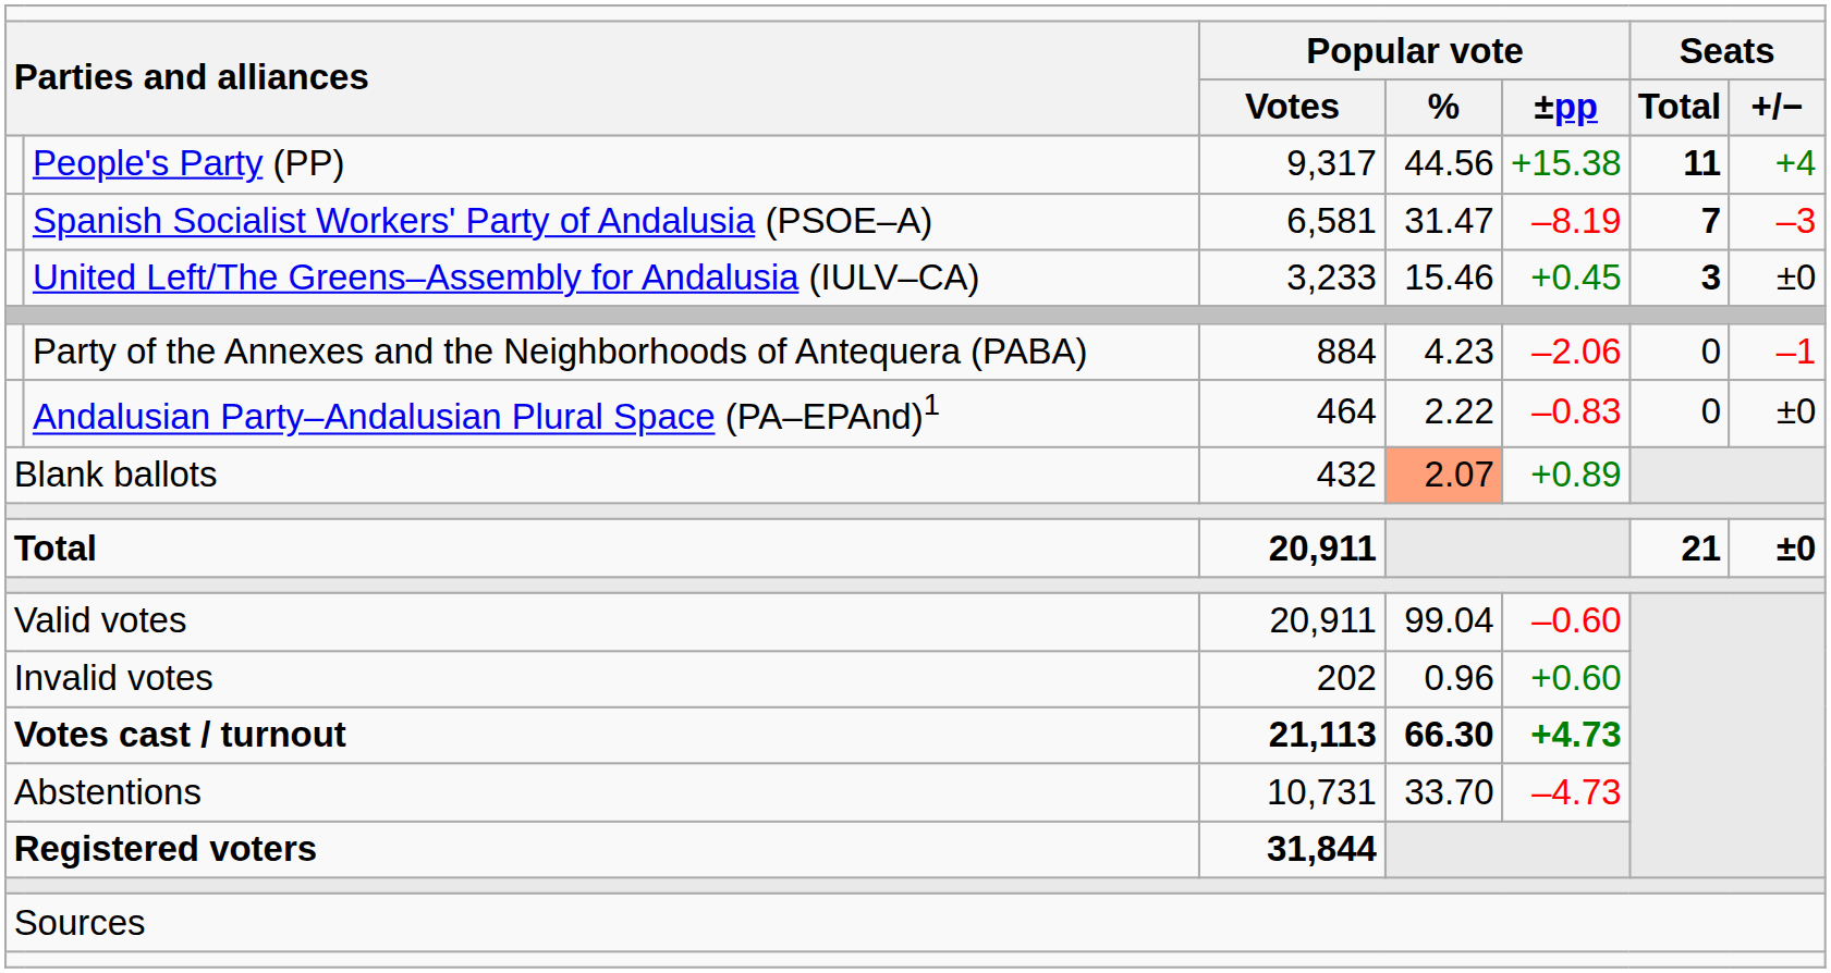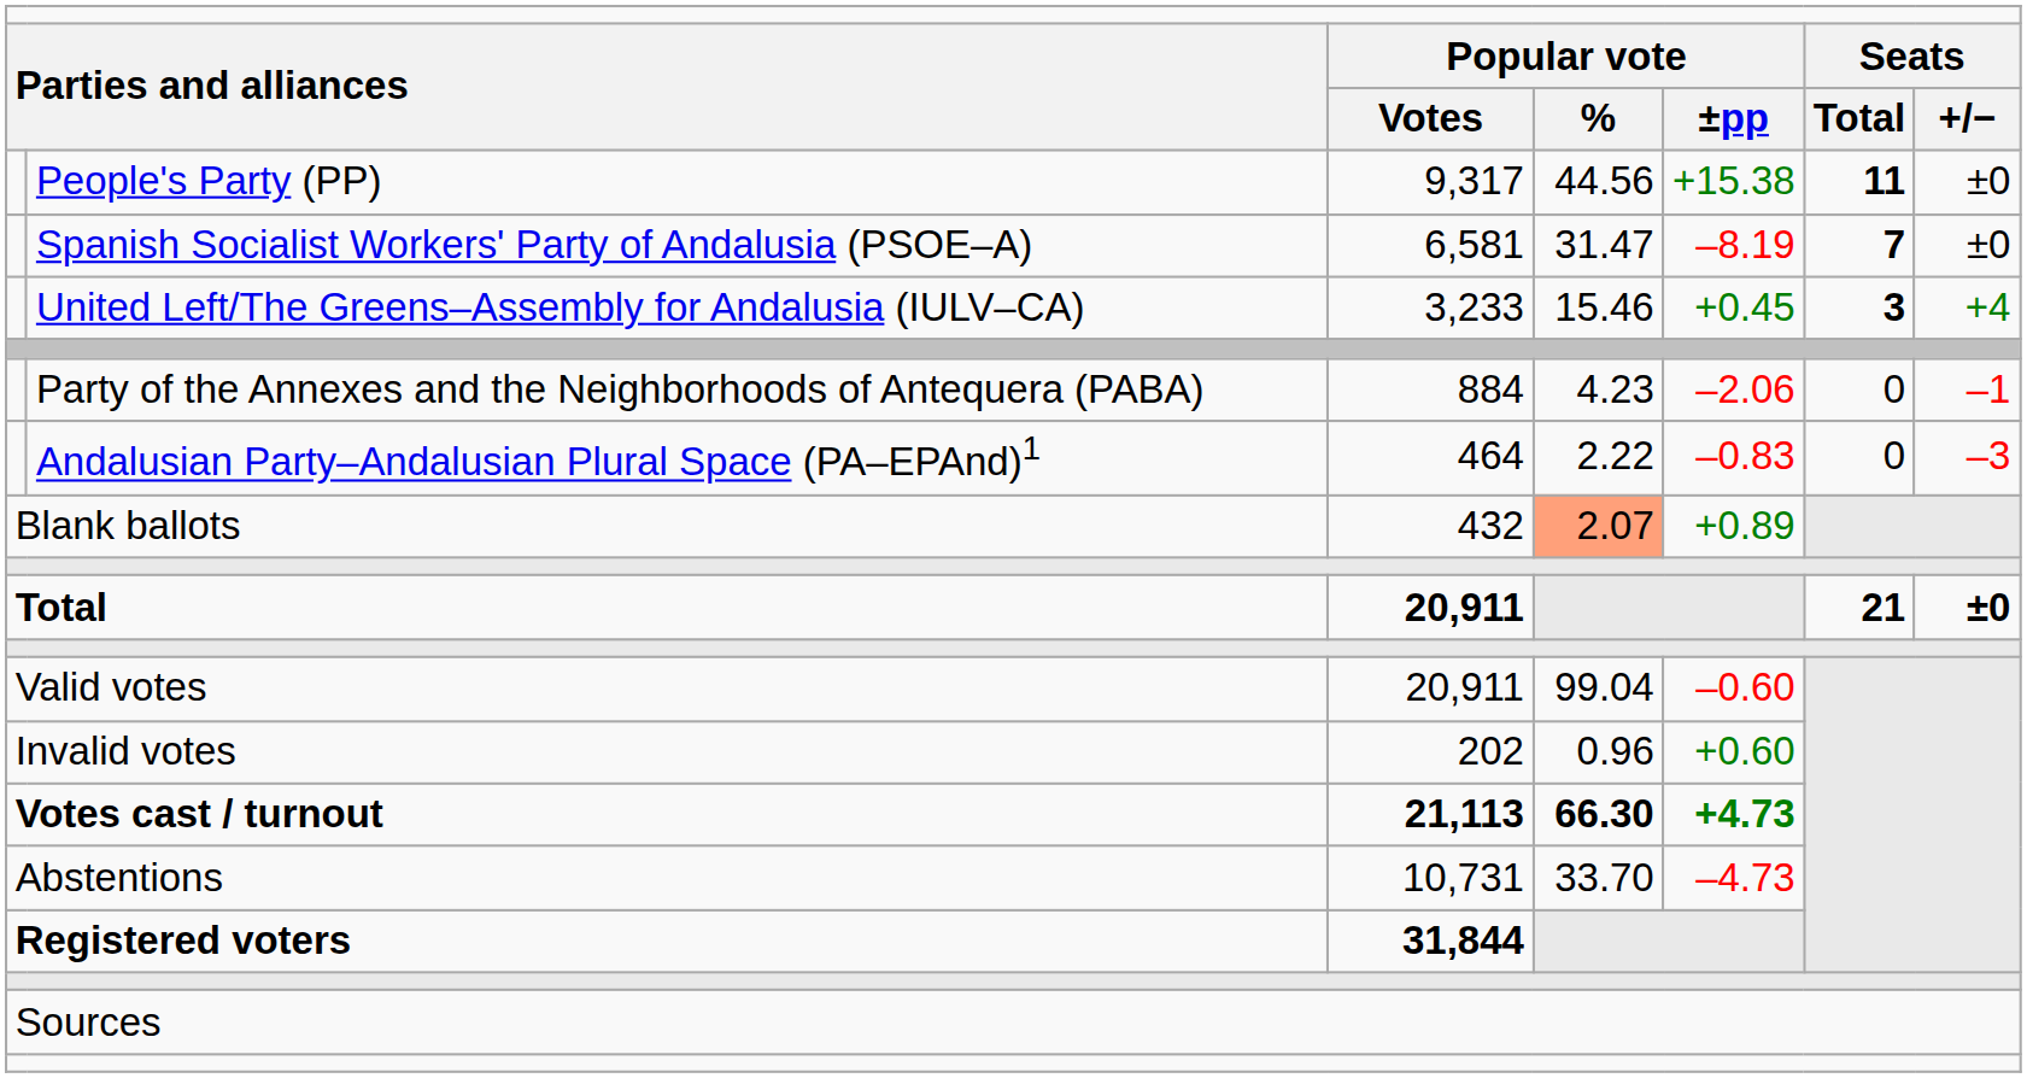 <table class="wikitable" style="text-align:right;">
 <tr>
 <td colspan="7"></td>
 </tr>
 <tr>
 <th style="text-align:left;" rowspan="2" colspan="2" width="525">Parties and alliances</th>
 <th colspan="3">Popular vote</th>
 <th colspan="2">Seats</th>
 </tr>
 <tr>
 <th width="75">Votes</th>
 <th width="45">%</th>
 <th width="45">±<a href='#'>pp</a></th>
 <th width="35">Total</th>
 <th width="35">+/−</th>
 </tr>
 <tr>
 <td width="1" style="color:inherit;background:"></td>
 <td align="left"><a href='#'>People's Party</a> (PP)</td>
 <td>9,317</td>
 <td>44.56</td>
 <td style="color:green;">+15.38</td>
 <td><strong>11</strong></td>
-<td style="color:green;">+4</td>
+<td>±0</td>
 </tr>
 <tr>
 <td style="color:inherit;background:"></td>
 <td align="left"><a href='#'>Spanish Socialist Workers' Party of Andalusia</a> (PSOE–A)</td>
 <td>6,581</td>
 <td>31.47</td>
 <td style="color:red;">–8.19</td>
 <td><strong>7</strong></td>
-<td style="color:red;">–3</td>
+<td>±0</td>
 </tr>
 <tr>
 <td style="color:inherit;background:"></td>
 <td align="left"><a href='#'>United Left/The Greens–Assembly for Andalusia</a> (IULV–CA)</td>
 <td>3,233</td>
 <td>15.46</td>
 <td style="color:green;">+0.45</td>
 <td><strong>3</strong></td>
-<td>±0</td>
+<td style="color:green;">+4</td>
 </tr>
 <tr>
 <td colspan="7" bgcolor="#C0C0C0"></td>
 </tr>
 <tr>
 <td style="color:inherit;background:"></td>
 <td align="left">Party of the Annexes and the Neighborhoods of Antequera (PABA)</td>
 <td>884</td>
 <td>4.23</td>
 <td style="color:red;">–2.06</td>
 <td>0</td>
 <td style="color:red;">–1</td>
 </tr>
 <tr>
 <td style="color:inherit;background:"></td>
 <td align="left"><a href='#'>Andalusian Party–Andalusian Plural Space</a> (PA–EPAnd)<sup>1</sup></td>
 <td>464</td>
 <td>2.22</td>
 <td style="color:red;">–0.83</td>
 <td>0</td>
-<td>±0</td>
+<td style="color:red;">–3</td>
 </tr>
 <tr>
 <td align="left" colspan="2">Blank ballots</td>
 <td>432</td>
 <td style="background: lightsalmon;">2.07</td>
 <td style="color:green;">+0.89</td>
 <td bgcolor="#E9E9E9" colspan="2"></td>
 </tr>
 <tr>
 <td colspan="7" bgcolor="#E9E9E9"></td>
 </tr>
 <tr style="font-weight:bold;">
 <td align="left" colspan="2">Total</td>
 <td>20,911</td>
 <td bgcolor="#E9E9E9" colspan="2"></td>
 <td>21</td>
 <td>±0</td>
 </tr>
 <tr>
 <td colspan="7" bgcolor="#E9E9E9"></td>
 </tr>
 <tr>
 <td align="left" colspan="2">Valid votes</td>
 <td>20,911</td>
 <td>99.04</td>
 <td style="color:red;">–0.60</td>
 <td bgcolor="#E9E9E9" colspan="2" rowspan="5"></td>
 </tr>
 <tr>
 <td align="left" colspan="2">Invalid votes</td>
 <td>202</td>
 <td>0.96</td>
 <td style="color:green;">+0.60</td>
 </tr>
 <tr style="font-weight:bold;">
 <td align="left" colspan="2">Votes cast / turnout</td>
 <td>21,113</td>
 <td>66.30</td>
 <td style="color:green;">+4.73</td>
 </tr>
 <tr>
 <td align="left" colspan="2">Abstentions</td>
 <td>10,731</td>
 <td>33.70</td>
 <td style="color:red;">–4.73</td>
 </tr>
 <tr style="font-weight:bold;">
 <td align="left" colspan="2">Registered voters</td>
 <td>31,844</td>
 <td bgcolor="#E9E9E9" colspan="2"></td>
 </tr>
 <tr>
 <td colspan="7" bgcolor="#E9E9E9"></td>
 </tr>
 <tr>
 <td align="left" colspan="7">Sources</td>
 </tr>
 <tr>
 <td colspan="7" style="text-align:left; max-width:790px;"></td>
 </tr>
 </table>
